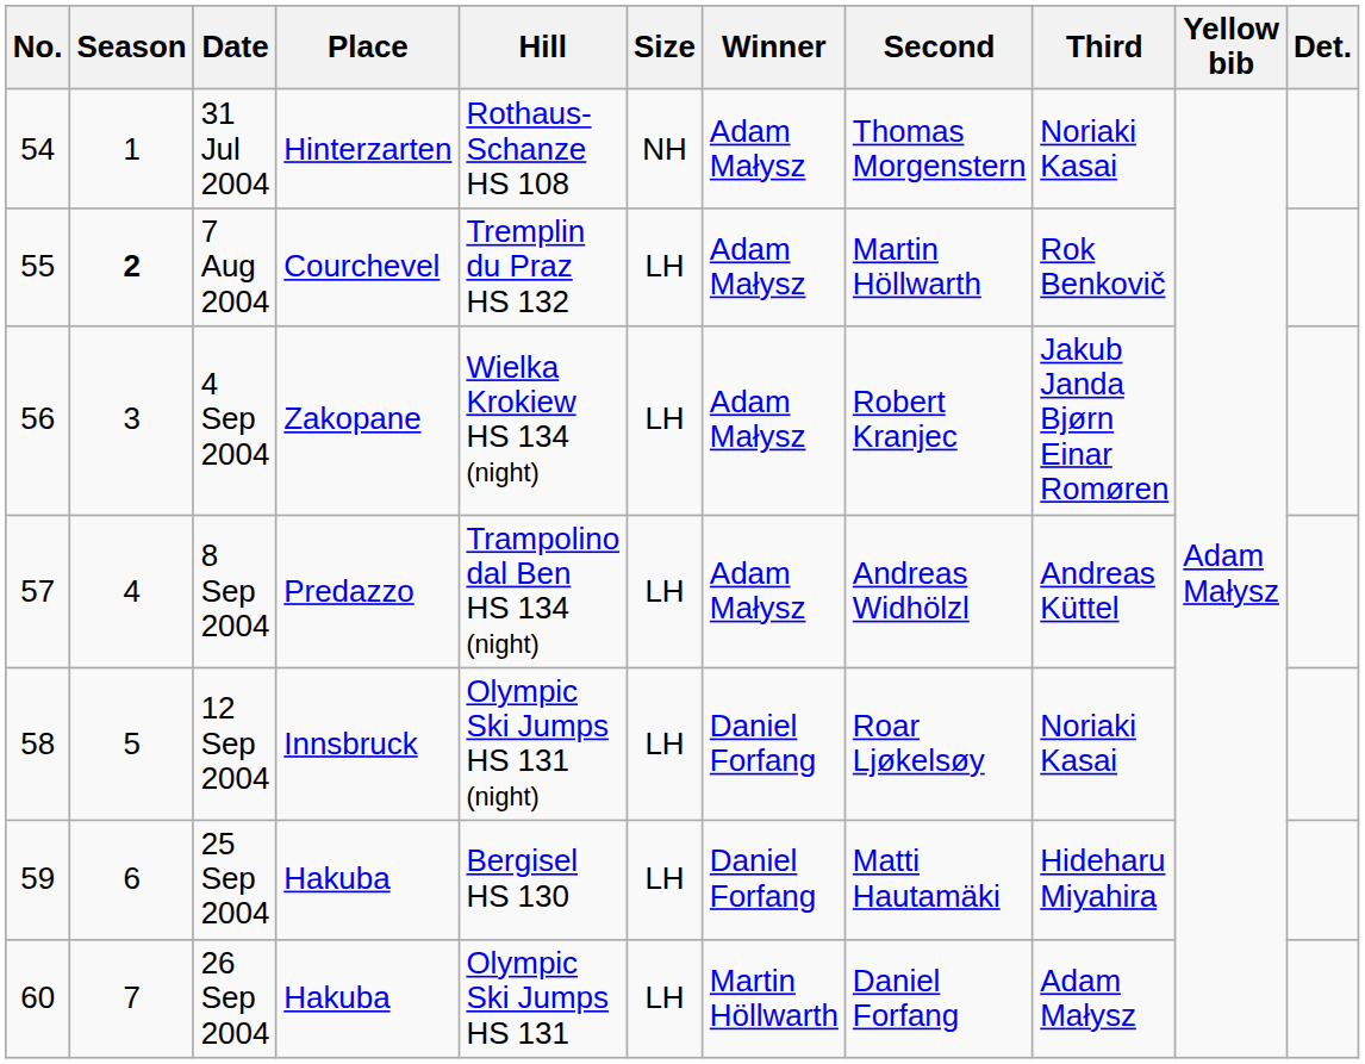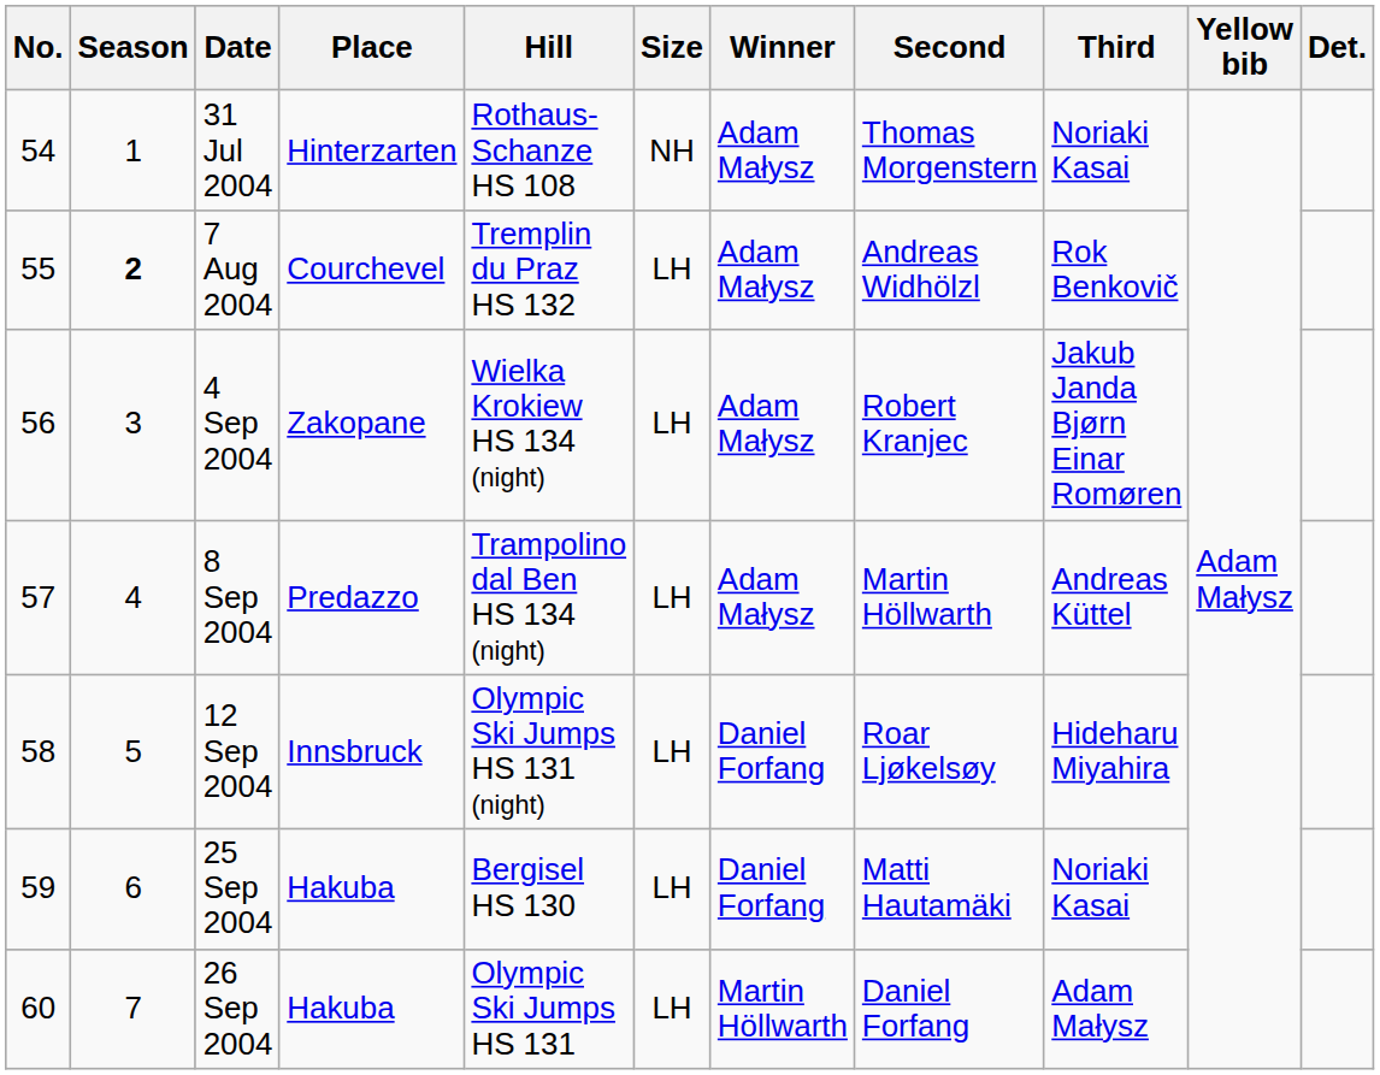 <table class="wikitable">
 <tr>
 <th width="25">No.</th>
 <th width="30">Season</th>
 <th width="90">Date</th>
 <th width="200">Place</th>
 <th width="215">Hill</th>
 <th width="40">Size</th>
 <th width="200">Winner</th>
 <th width="200">Second</th>
 <th width="200">Third</th>
 <th width="169">Yellow bib</th>
 <th width="10">Det.</th>
 </tr>
 <tr>
 <td align=center>54</td>
 <td align=center>1</td>
 <td>31 Jul 2004</td>
 <td> <a href='#'>Hinterzarten</a></td>
 <td><a href='#'>Rothaus-Schanze</a> HS 108</td>
 <td align=center>NH</td>
 <td> <a href='#'>Adam Małysz</a></td>
 <td> <a href='#'>Thomas Morgenstern</a></td>
 <td> <a href='#'>Noriaki Kasai</a></td>
 <td rowspan=7> <a href='#'>Adam Małysz</a></td>
 <td></td>
 </tr>
 <tr>
 <td align=center>55</td>
 <td align=center><strong>2</strong></td>
 <td>7 Aug 2004</td>
 <td> <a href='#'>Courchevel</a></td>
 <td><a href='#'>Tremplin du Praz</a> HS 132</td>
 <td align=center>LH</td>
 <td> <a href='#'>Adam Małysz</a></td>
-<td> <a href='#'>Martin Höllwarth</a></td>
+<td> <a href='#'>Andreas Widhölzl</a></td>
 <td> <a href='#'>Rok Benkovič</a></td>
 <td></td>
 </tr>
 <tr>
 <td align=center>56</td>
 <td align=center>3</td>
 <td>4 Sep 2004</td>
 <td> <a href='#'>Zakopane</a></td>
 <td><a href='#'>Wielka Krokiew</a> HS 134 <small>(night)</small></td>
 <td align=center>LH</td>
 <td> <a href='#'>Adam Małysz</a></td>
 <td> <a href='#'>Robert Kranjec</a></td>
 <td> <a href='#'>Jakub Janda</a><br> <a href='#'>Bjørn Einar Romøren</a></td>
 <td></td>
 </tr>
 <tr>
 <td align=center>57</td>
 <td align=center>4</td>
 <td>8 Sep 2004</td>
 <td> <a href='#'>Predazzo</a></td>
 <td><a href='#'>Trampolino dal Ben</a> HS 134 <small>(night)</small></td>
 <td align=center>LH</td>
 <td> <a href='#'>Adam Małysz</a></td>
-<td> <a href='#'>Andreas Widhölzl</a></td>
+<td> <a href='#'>Martin Höllwarth</a></td>
 <td> <a href='#'>Andreas Küttel</a></td>
 <td></td>
 </tr>
 <tr>
 <td align=center>58</td>
 <td align=center>5</td>
 <td>12 Sep 2004</td>
 <td> <a href='#'>Innsbruck</a></td>
 <td><a href='#'>Olympic Ski Jumps</a> HS 131 <small>(night)</small></td>
 <td align=center>LH</td>
 <td> <a href='#'>Daniel Forfang</a></td>
 <td> <a href='#'>Roar Ljøkelsøy</a></td>
-<td> <a href='#'>Noriaki Kasai</a></td>
+<td> <a href='#'>Hideharu Miyahira</a></td>
 <td></td>
 </tr>
 <tr>
 <td align=center>59</td>
 <td align=center>6</td>
 <td>25 Sep 2004</td>
 <td> <a href='#'>Hakuba</a></td>
 <td><a href='#'>Bergisel</a> HS 130</td>
 <td align=center>LH</td>
 <td> <a href='#'>Daniel Forfang</a></td>
 <td> <a href='#'>Matti Hautamäki</a></td>
-<td> <a href='#'>Hideharu Miyahira</a></td>
+<td> <a href='#'>Noriaki Kasai</a></td>
 <td></td>
 </tr>
 <tr>
 <td align=center>60</td>
 <td align=center>7</td>
 <td>26 Sep 2004</td>
 <td> <a href='#'>Hakuba</a></td>
 <td><a href='#'>Olympic Ski Jumps</a> HS 131</td>
 <td align=center>LH</td>
 <td> <a href='#'>Martin Höllwarth</a></td>
 <td> <a href='#'>Daniel Forfang</a></td>
 <td> <a href='#'>Adam Małysz</a></td>
 <td></td>
 </tr>
 </table>
